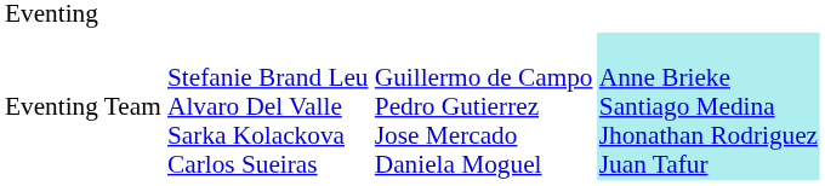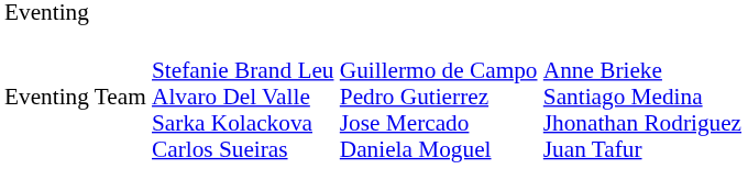 <table>
 <tr>
 <td>Eventing</td>
 <td></td>
 <td></td>
 <td></td>
 </tr>
 <tr>
 <td>Eventing Team</td>
 <td><br><a href='#'>Stefanie Brand Leu</a><br><a href='#'>Alvaro Del Valle</a><br><a href='#'>Sarka Kolackova</a><br><a href='#'>Carlos Sueiras</a></td>
 <td><br><a href='#'>Guillermo de Campo</a><br><a href='#'>Pedro Gutierrez</a><br><a href='#'>Jose Mercado</a><br><a href='#'>Daniela Moguel</a></td>
-<td style="background: paleturquoise;"><br><a href='#'>Anne Brieke</a><br><a href='#'>Santiago Medina</a><br><a href='#'>Jhonathan Rodriguez</a><br><a href='#'>Juan Tafur</a></td>
+<td><br><a href='#'>Anne Brieke</a><br><a href='#'>Santiago Medina</a><br><a href='#'>Jhonathan Rodriguez</a><br><a href='#'>Juan Tafur</a></td>
 </tr>
 </table>
